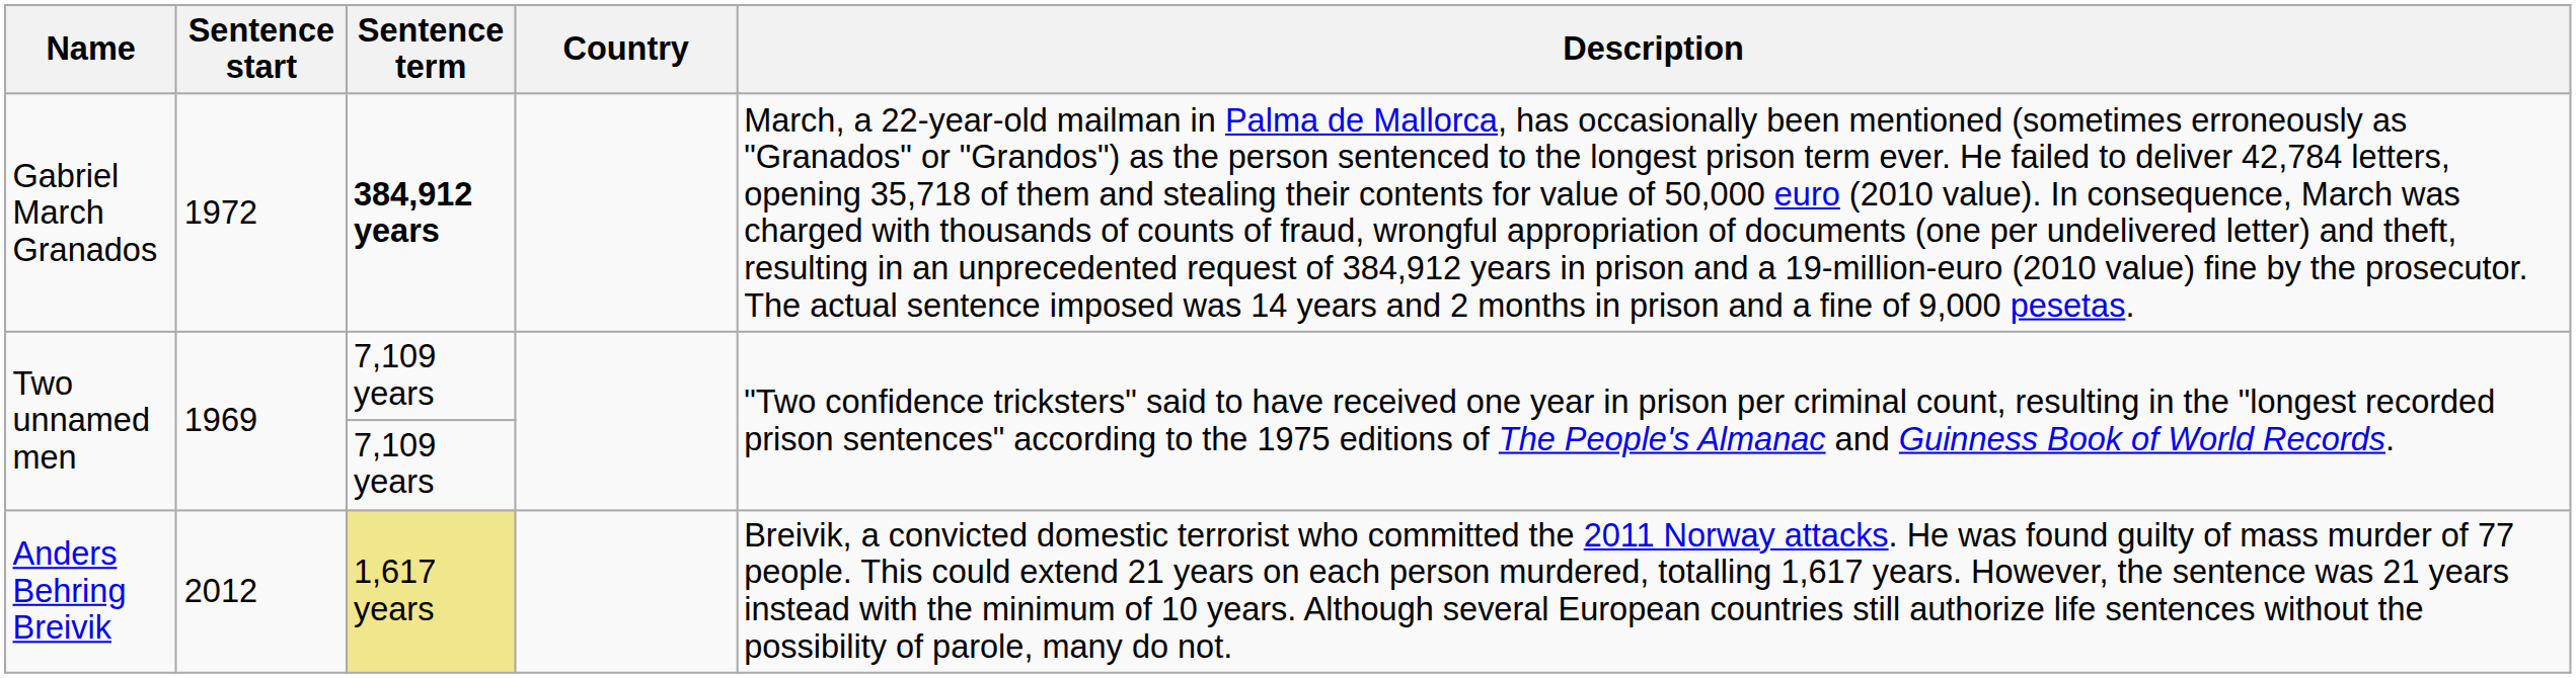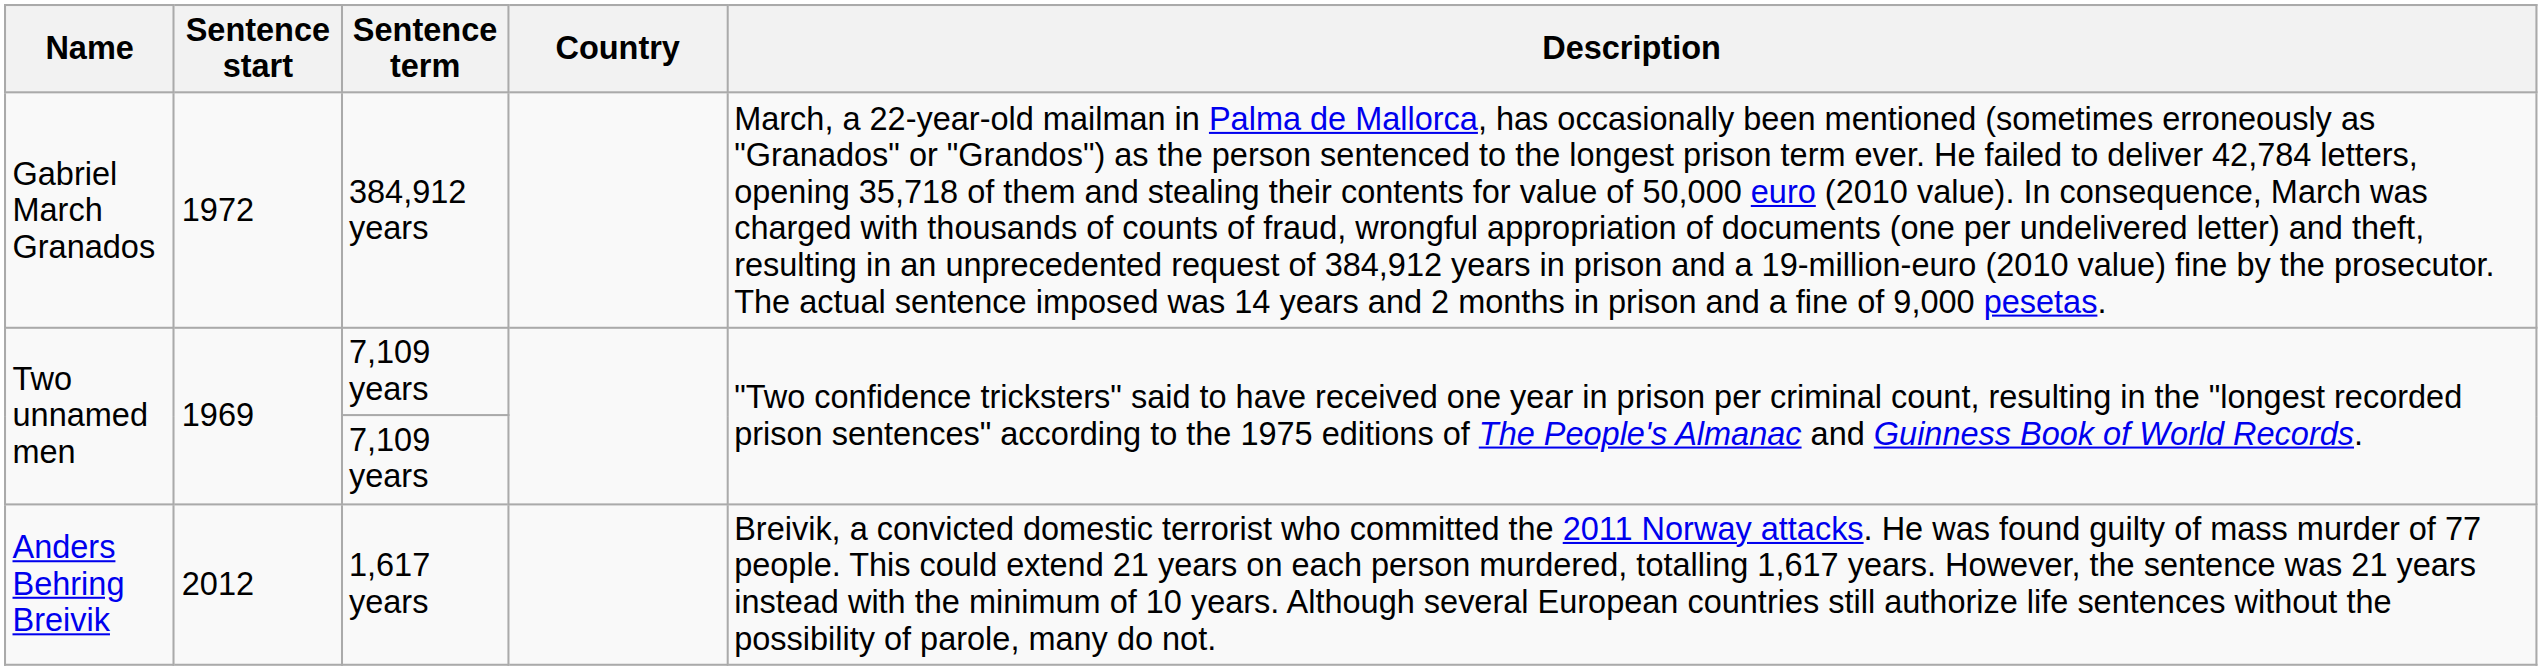 <table class="wikitable sortable">
 <tr>
 <th style="width:76px;">Name</th>
 <th style="width:75px;">Sentence start</th>
 <th style="width:75px;">Sentence term</th>
 <th style="width:100px;">Country</th>
 <th class="unsortable">Description</th>
 </tr>
 <tr>
 <td>Gabriel March Granados</td>
 <td>1972</td>
-<td><strong>384,912 years</strong></td>
+<td>384,912 years</td>
 <td> </td>
 <td>March, a 22-year-old mailman in <a href='#'>Palma de Mallorca</a>, has occasionally been mentioned (sometimes erroneously as "Granados" or "Grandos") as the person sentenced to the longest prison term ever. He failed to deliver 42,784 letters, opening 35,718 of them and stealing their contents for value of 50,000 <a href='#'>euro</a> (2010 value). In consequence, March was charged with thousands of counts of fraud, wrongful appropriation of documents (one per undelivered letter) and theft, resulting in an unprecedented request of 384,912 years in prison and a 19-million-euro (2010 value) fine by the prosecutor. The actual sentence imposed was 14 years and 2 months in prison and a fine of 9,000 <a href='#'>pesetas</a>.</td>
 </tr>
 <tr>
 <td rowspan=2>Two unnamed men</td>
 <td rowspan=2>1969</td>
 <td>7,109 years</td>
 <td rowspan=2> </td>
 <td rowspan=2>"Two confidence tricksters" said to have received one year in prison per criminal count, resulting in the "longest recorded prison sentences" according to the 1975 editions of <em><a href='#'>The People's Almanac</a></em> and <em><a href='#'>Guinness Book of World Records</a></em>.</td>
 </tr>
 <tr>
 <td>7,109 years</td>
 </tr>
 <tr>
 <td><a href='#'>Anders Behring Breivik</a></td>
 <td>2012</td>
-<td style="background: khaki;">1,617 years</td>
+<td>1,617 years</td>
 <td> </td>
 <td>Breivik, a convicted domestic terrorist who committed the <a href='#'>2011 Norway attacks</a>. He was found guilty of mass murder of 77 people. This could extend 21 years on each person murdered, totalling 1,617 years. However, the sentence was 21 years instead with the minimum of 10 years. Although several European countries still authorize life sentences without the possibility of parole, many do not.</td>
 </tr>
 </table>
